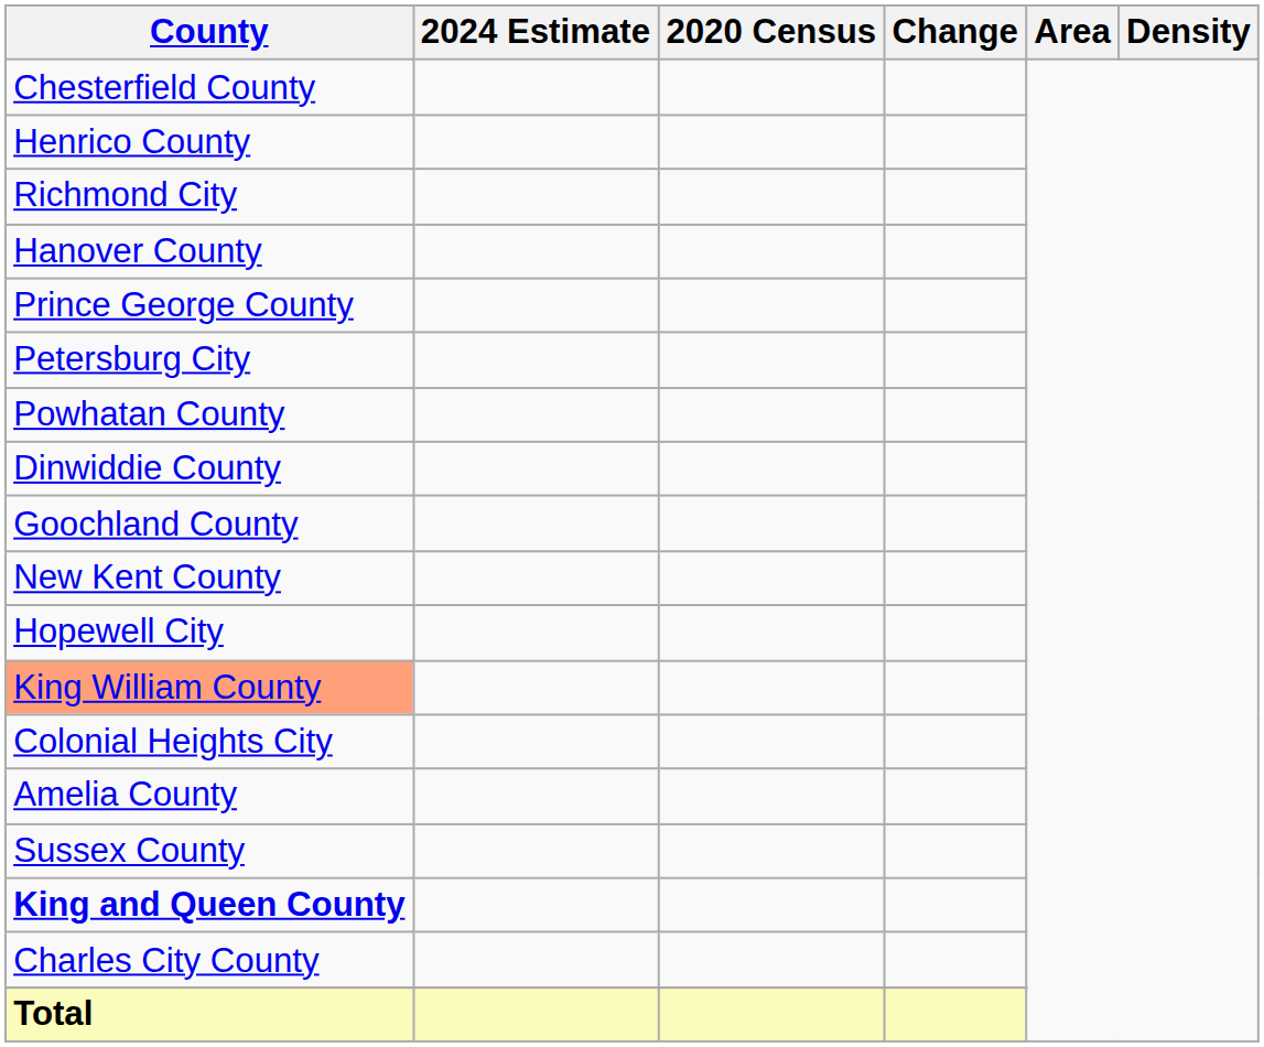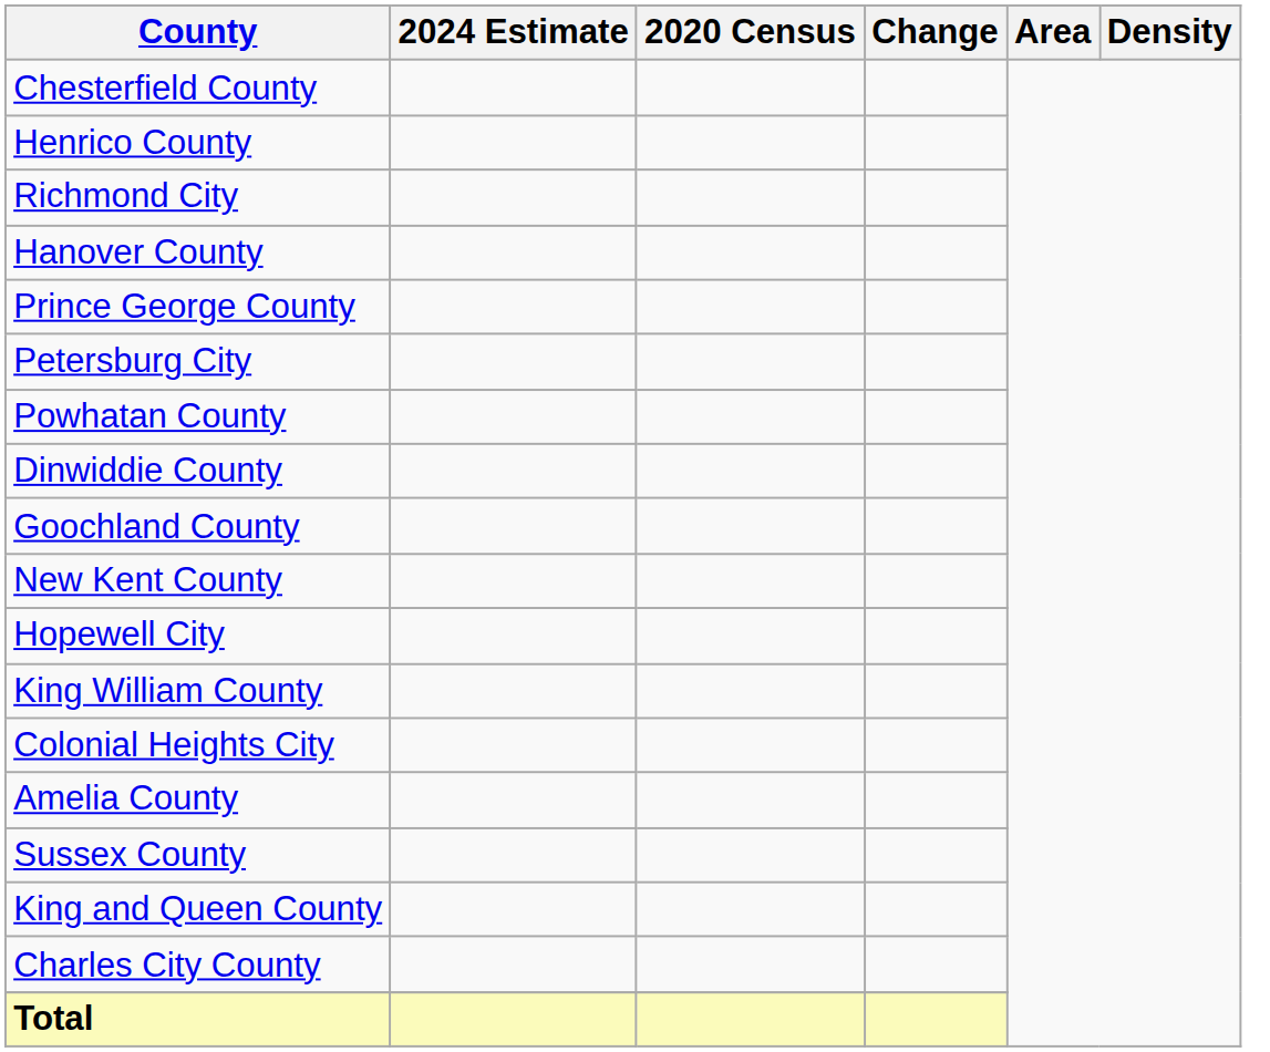 <table class="wikitable sortable">
 <tr>
 <th><a href='#'>County</a></th>
 <th>2024 Estimate</th>
 <th>2020 Census</th>
 <th>Change</th>
 <th>Area</th>
 <th>Density</th>
 </tr>
 <tr>
 <td><a href='#'>Chesterfield County</a></td>
 <td></td>
 <td></td>
 <td></td>
 </tr>
 <tr>
 <td><a href='#'>Henrico County</a></td>
 <td></td>
 <td></td>
 <td></td>
 </tr>
 <tr>
 <td><a href='#'>Richmond City</a></td>
 <td></td>
 <td></td>
 <td></td>
 </tr>
 <tr>
 <td><a href='#'>Hanover County</a></td>
 <td></td>
 <td></td>
 <td></td>
 </tr>
 <tr>
 <td><a href='#'>Prince George County</a></td>
 <td></td>
 <td></td>
 <td></td>
 </tr>
 <tr>
 <td><a href='#'>Petersburg City</a></td>
 <td></td>
 <td></td>
 <td></td>
 </tr>
 <tr>
 <td><a href='#'>Powhatan County</a></td>
 <td></td>
 <td></td>
 <td></td>
 </tr>
 <tr>
 <td><a href='#'>Dinwiddie County</a></td>
 <td></td>
 <td></td>
 <td></td>
 </tr>
 <tr>
 <td><a href='#'>Goochland County</a></td>
 <td></td>
 <td></td>
 <td></td>
 </tr>
 <tr>
 <td><a href='#'>New Kent County</a></td>
 <td></td>
 <td></td>
 <td></td>
 </tr>
 <tr>
 <td><a href='#'>Hopewell City</a></td>
 <td></td>
 <td></td>
 <td></td>
 </tr>
 <tr>
-<td style="background: lightsalmon;"><a href='#'>King William County</a></td>
+<td><a href='#'>King William County</a></td>
 <td></td>
 <td></td>
 <td></td>
 </tr>
 <tr>
 <td><a href='#'>Colonial Heights City</a></td>
 <td></td>
 <td></td>
 <td></td>
 </tr>
 <tr>
 <td><a href='#'>Amelia County</a></td>
 <td></td>
 <td></td>
 <td></td>
 </tr>
 <tr>
 <td><a href='#'>Sussex County</a></td>
 <td></td>
 <td></td>
 <td></td>
 </tr>
 <tr>
-<td><strong><a href='#'>King and Queen County</a></strong></td>
+<td><a href='#'>King and Queen County</a></td>
 <td></td>
 <td></td>
 <td></td>
 </tr>
 <tr>
 <td><a href='#'>Charles City County</a></td>
 <td></td>
 <td></td>
 <td></td>
 </tr>
 <tr>
 </tr>
 <tr class=sortbottom style="background:#fbfbbb">
 <td><strong>Total</strong></td>
 <td></td>
 <td></td>
 <td></td>
 </tr>
 </table>
